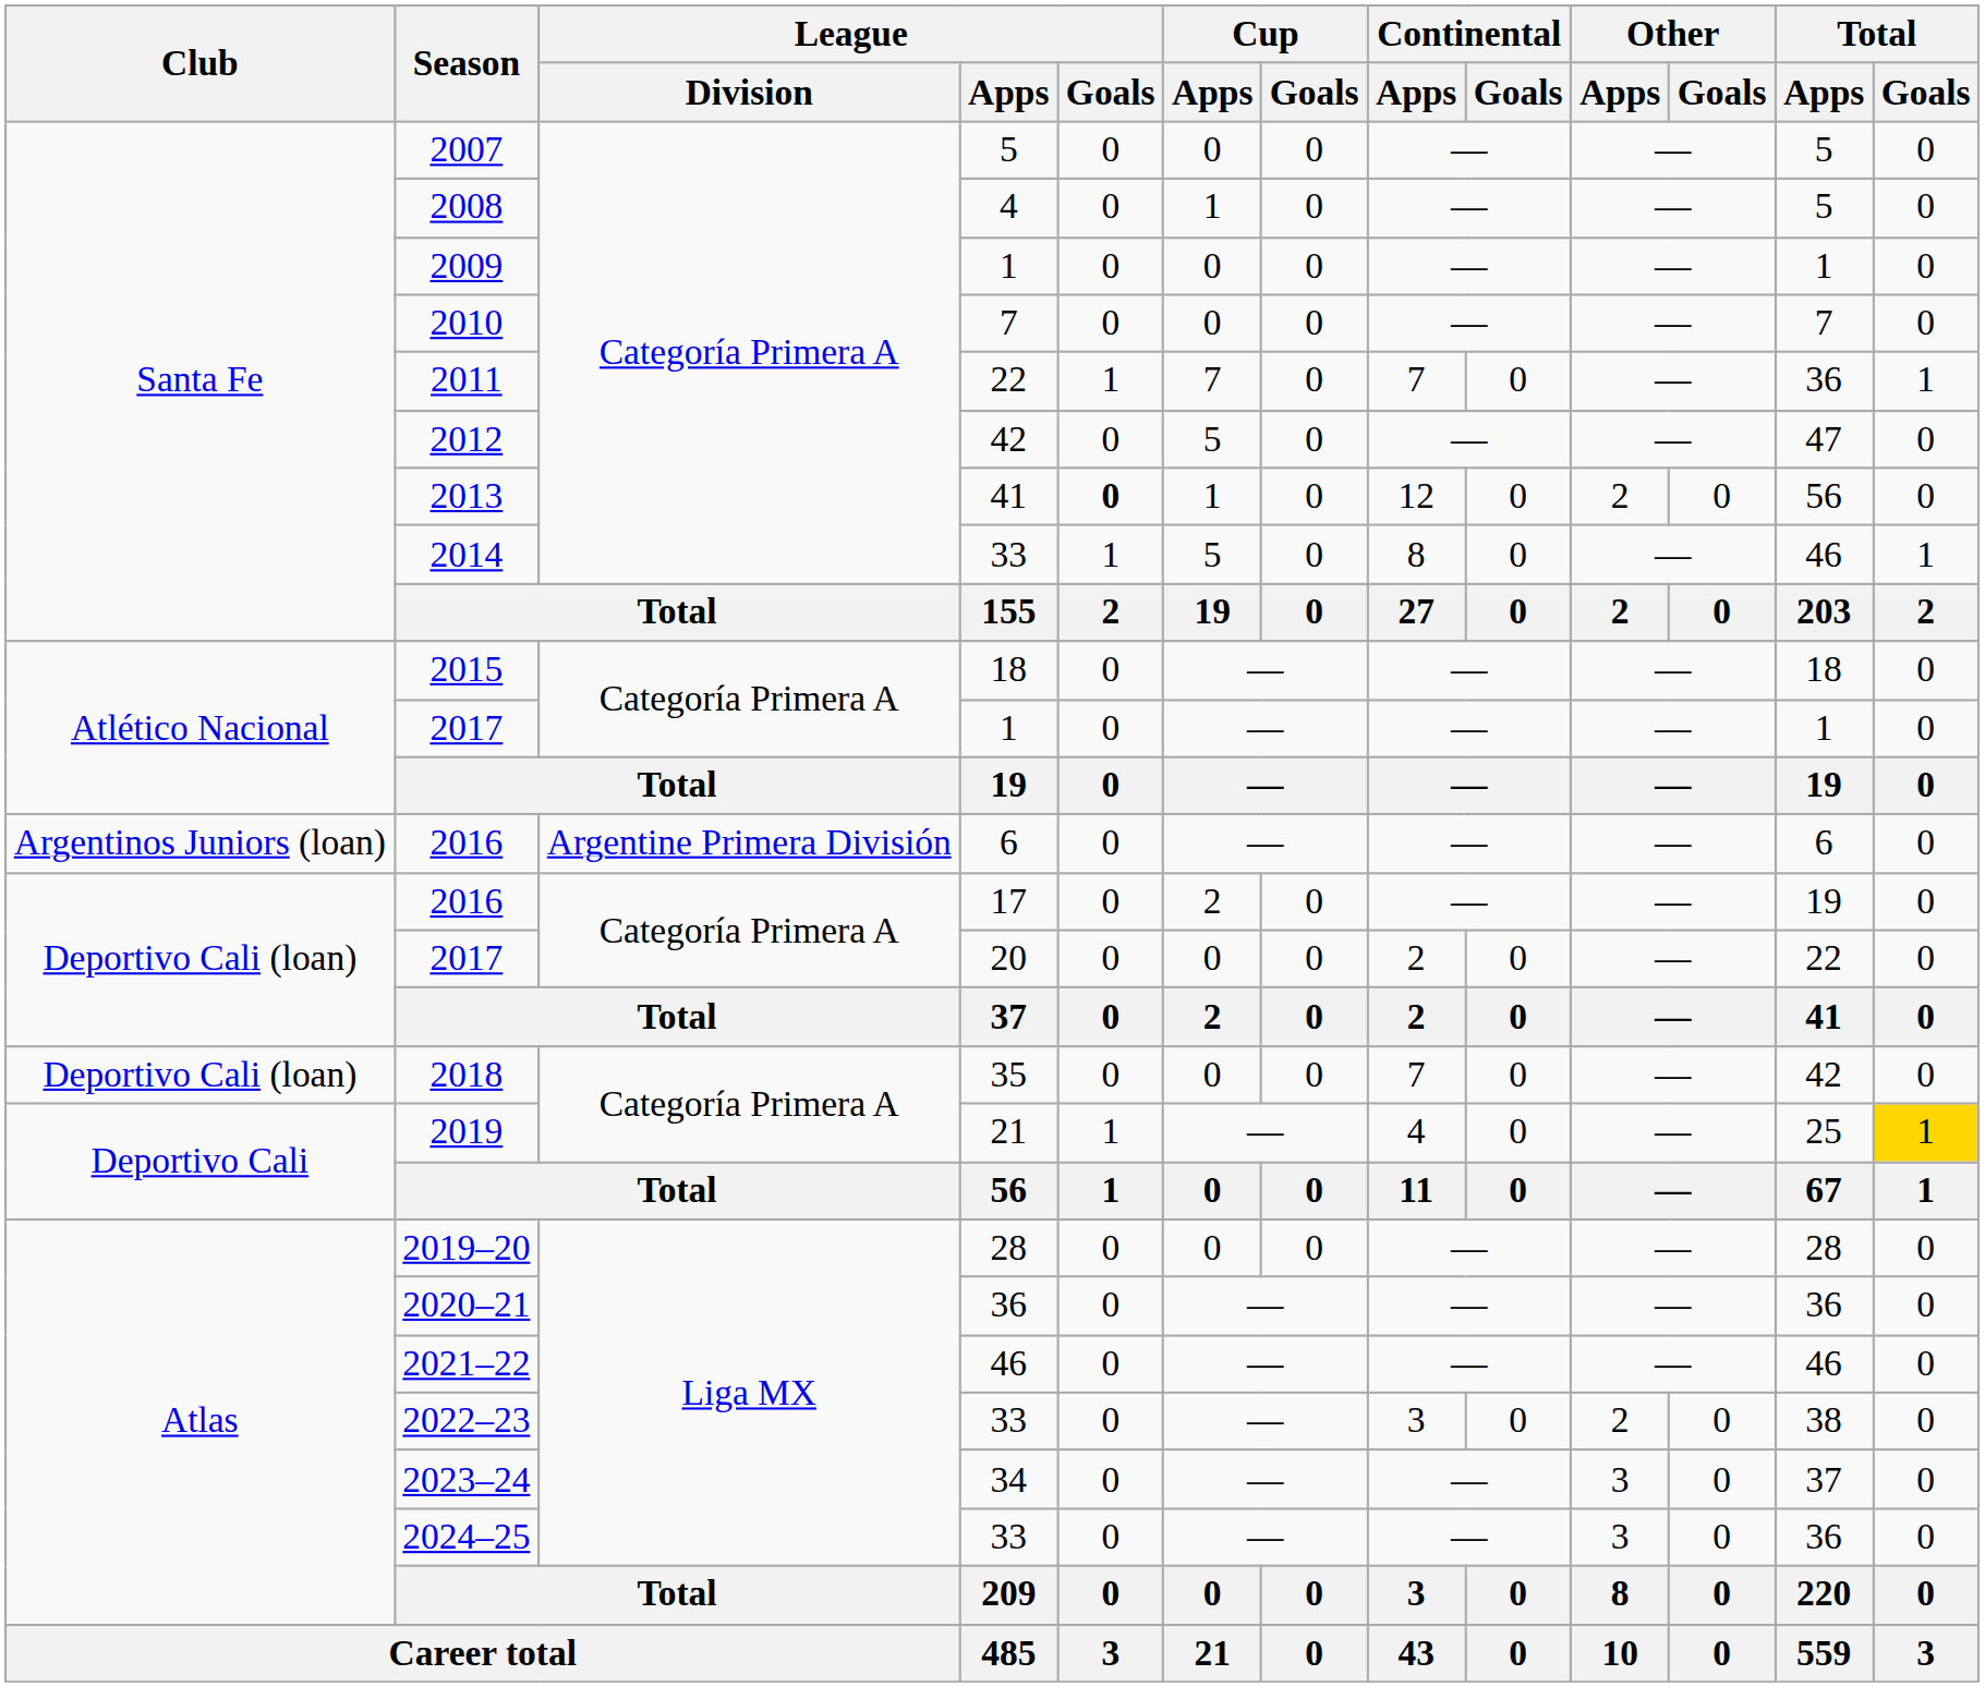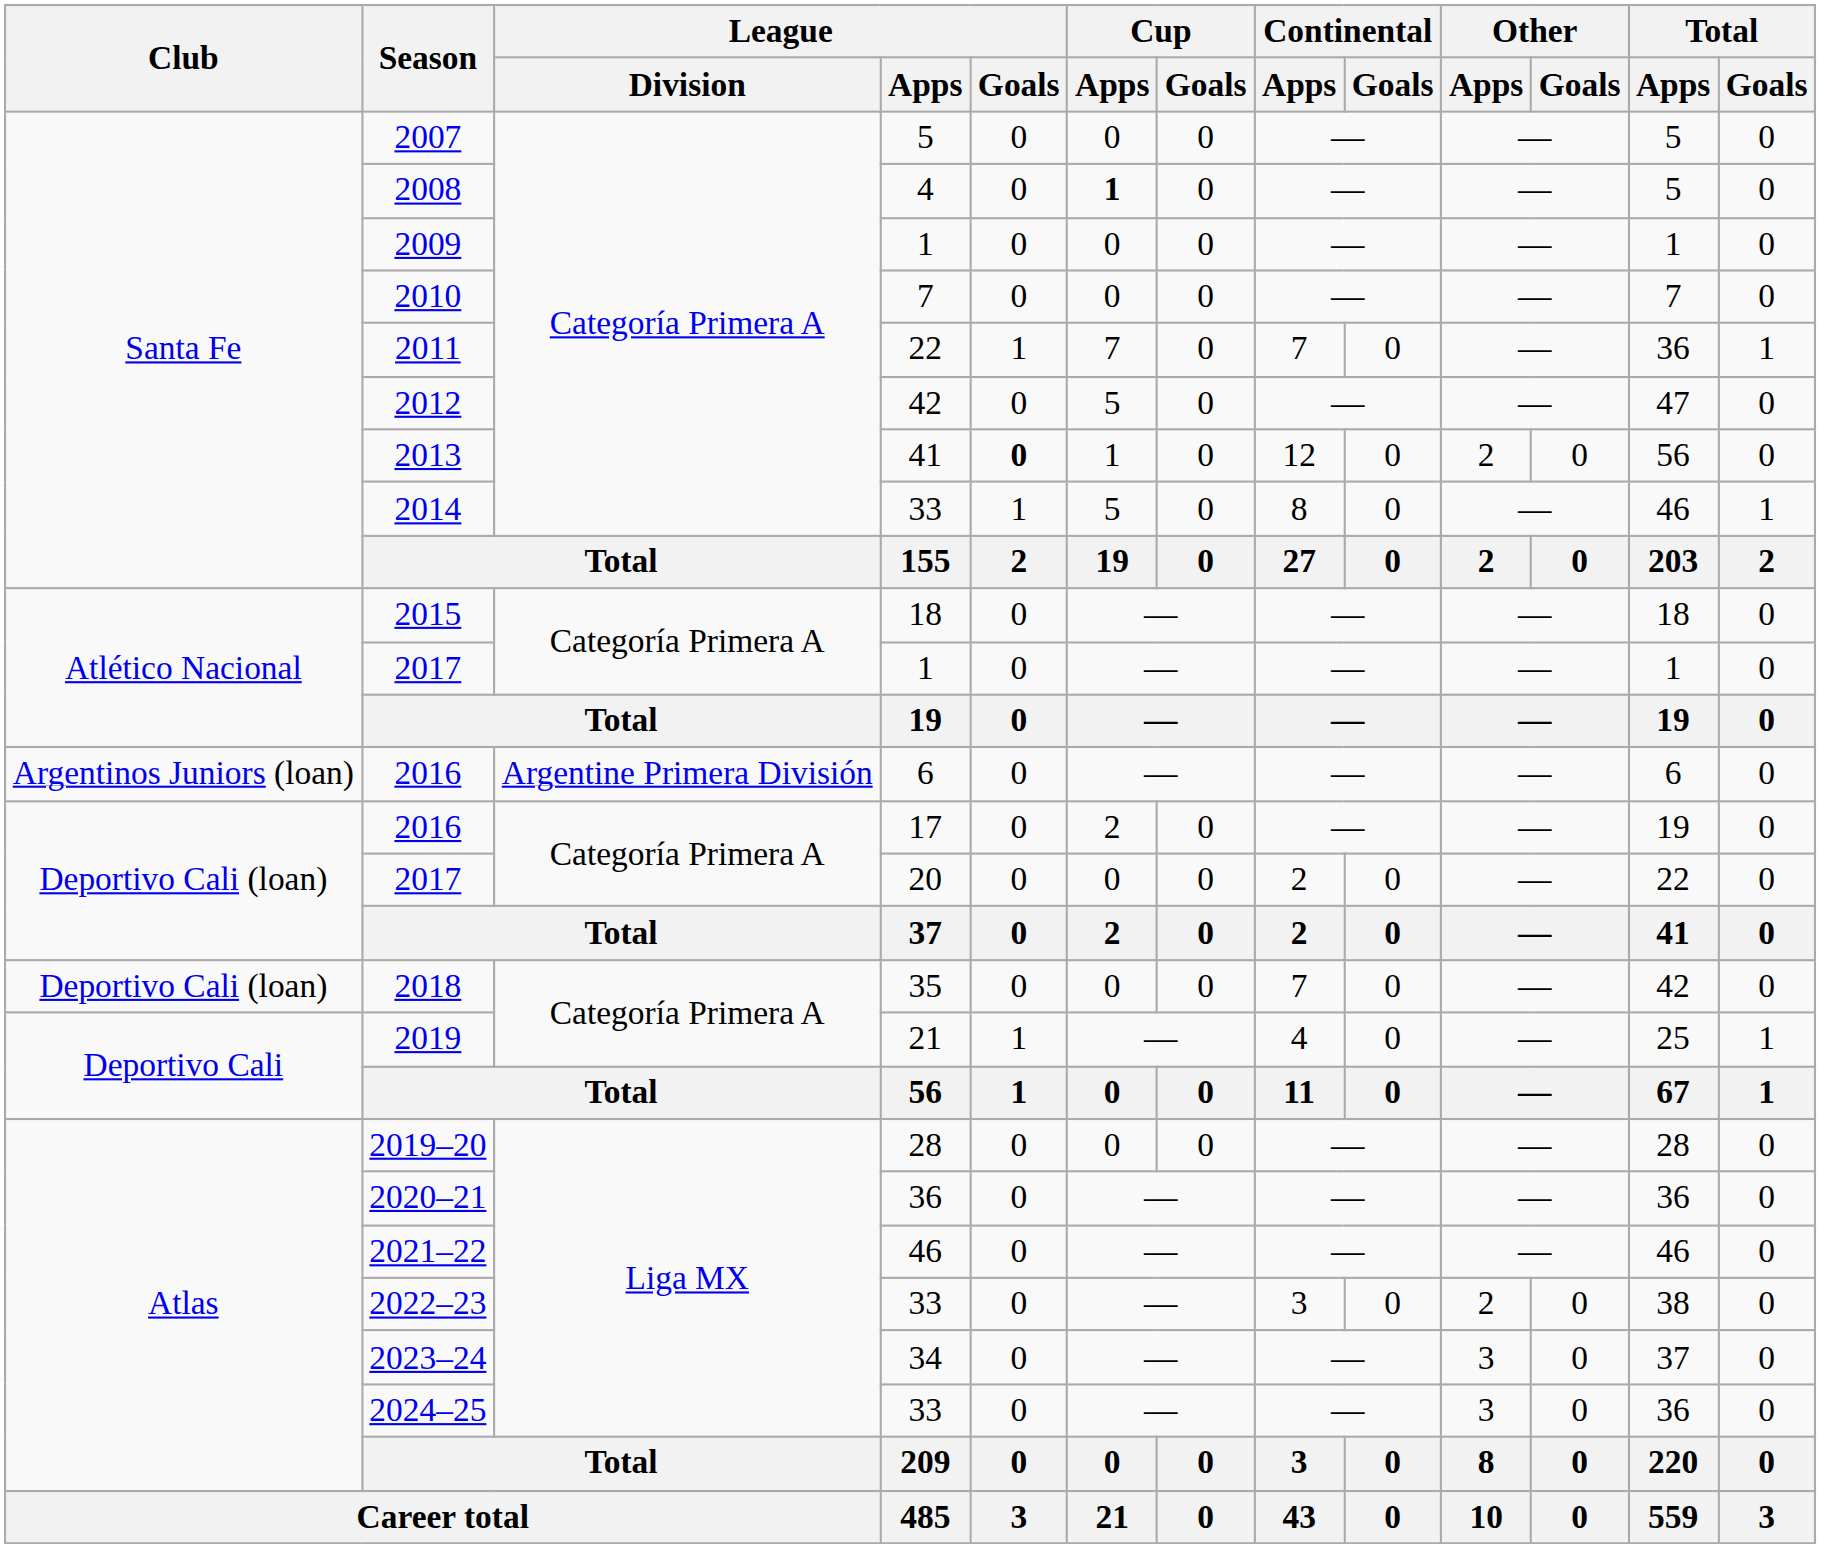 <table class="wikitable" style="text-align:center">
 <tr>
 <th rowspan="2">Club</th>
 <th rowspan="2">Season</th>
 <th colspan="3">League</th>
 <th colspan="2">Cup</th>
 <th colspan="2">Continental</th>
 <th colspan="2">Other</th>
 <th colspan="2">Total</th>
 </tr>
 <tr>
 <th>Division</th>
 <th>Apps</th>
 <th>Goals</th>
 <th>Apps</th>
 <th>Goals</th>
 <th>Apps</th>
 <th>Goals</th>
 <th>Apps</th>
 <th>Goals</th>
 <th>Apps</th>
 <th>Goals</th>
 </tr>
 <tr>
 <td rowspan="9"><a href='#'>Santa Fe</a></td>
 <td><a href='#'>2007</a></td>
 <td rowspan="8"><a href='#'>Categoría Primera A</a></td>
 <td>5</td>
 <td>0</td>
 <td>0</td>
 <td>0</td>
 <td colspan=2>—</td>
 <td colspan=2>—</td>
 <td>5</td>
 <td>0</td>
 </tr>
 <tr>
 <td><a href='#'>2008</a></td>
 <td>4</td>
 <td>0</td>
-<td>1</td>
+<td><strong>1</strong></td>
 <td>0</td>
 <td colspan=2>—</td>
 <td colspan=2>—</td>
 <td>5</td>
 <td>0</td>
 </tr>
 <tr>
 <td><a href='#'>2009</a></td>
 <td>1</td>
 <td>0</td>
 <td>0</td>
 <td>0</td>
 <td colspan=2>—</td>
 <td colspan=2>—</td>
 <td>1</td>
 <td>0</td>
 </tr>
 <tr>
 <td><a href='#'>2010</a></td>
 <td>7</td>
 <td>0</td>
 <td>0</td>
 <td>0</td>
 <td colspan=2>—</td>
 <td colspan=2>—</td>
 <td>7</td>
 <td>0</td>
 </tr>
 <tr>
 <td><a href='#'>2011</a></td>
 <td>22</td>
 <td>1</td>
 <td>7</td>
 <td>0</td>
 <td>7</td>
 <td>0</td>
 <td colspan=2>—</td>
 <td>36</td>
 <td>1</td>
 </tr>
 <tr>
 <td><a href='#'>2012</a></td>
 <td>42</td>
 <td>0</td>
 <td>5</td>
 <td>0</td>
 <td colspan=2>—</td>
 <td colspan=2>—</td>
 <td>47</td>
 <td>0</td>
 </tr>
 <tr>
 <td><a href='#'>2013</a></td>
 <td>41</td>
 <td><strong>0</strong></td>
 <td>1</td>
 <td>0</td>
 <td>12</td>
 <td>0</td>
 <td>2</td>
 <td>0</td>
 <td>56</td>
 <td>0</td>
 </tr>
 <tr>
 <td><a href='#'>2014</a></td>
 <td>33</td>
 <td>1</td>
 <td>5</td>
 <td>0</td>
 <td>8</td>
 <td>0</td>
 <td colspan=2>—</td>
 <td>46</td>
 <td>1</td>
 </tr>
 <tr>
 <th colspan="2">Total</th>
 <th>155</th>
 <th>2</th>
 <th>19</th>
 <th>0</th>
 <th>27</th>
 <th>0</th>
 <th>2</th>
 <th>0</th>
 <th>203</th>
 <th>2</th>
 </tr>
 <tr>
 <td rowspan="3"><a href='#'>Atlético Nacional</a></td>
 <td><a href='#'>2015</a></td>
 <td rowspan="2">Categoría Primera A</td>
 <td>18</td>
 <td>0</td>
 <td colspan=2>—</td>
 <td colspan=2>—</td>
 <td colspan=2>—</td>
 <td>18</td>
 <td>0</td>
 </tr>
 <tr>
 <td><a href='#'>2017</a></td>
 <td>1</td>
 <td>0</td>
 <td colspan=2>—</td>
 <td colspan=2>—</td>
 <td colspan=2>—</td>
 <td>1</td>
 <td>0</td>
 </tr>
 <tr>
 <th colspan="2">Total</th>
 <th>19</th>
 <th>0</th>
 <th colspan=2>—</th>
 <th colspan=2>—</th>
 <th colspan=2>—</th>
 <th>19</th>
 <th>0</th>
 </tr>
 <tr>
 <td><a href='#'>Argentinos Juniors</a> (loan)</td>
 <td><a href='#'>2016</a></td>
 <td><a href='#'>Argentine Primera División</a></td>
 <td>6</td>
 <td>0</td>
 <td colspan=2>—</td>
 <td colspan=2>—</td>
 <td colspan=2>—</td>
 <td>6</td>
 <td>0</td>
 </tr>
 <tr>
 <td rowspan="3"><a href='#'>Deportivo Cali</a> (loan)</td>
 <td><a href='#'>2016</a></td>
 <td rowspan="2">Categoría Primera A</td>
 <td>17</td>
 <td>0</td>
 <td>2</td>
 <td>0</td>
 <td colspan=2>—</td>
 <td colspan=2>—</td>
 <td>19</td>
 <td>0</td>
 </tr>
 <tr>
 <td><a href='#'>2017</a></td>
 <td>20</td>
 <td>0</td>
 <td>0</td>
 <td>0</td>
 <td>2</td>
 <td>0</td>
 <td colspan=2>—</td>
 <td>22</td>
 <td>0</td>
 </tr>
 <tr>
 <th colspan="2">Total</th>
 <th>37</th>
 <th>0</th>
 <th>2</th>
 <th>0</th>
 <th>2</th>
 <th>0</th>
 <th colspan=2>—</th>
 <th>41</th>
 <th>0</th>
 </tr>
 <tr>
 <td><a href='#'>Deportivo Cali</a> (loan)</td>
 <td><a href='#'>2018</a></td>
 <td rowspan="2">Categoría Primera A</td>
 <td>35</td>
 <td>0</td>
 <td>0</td>
 <td>0</td>
 <td>7</td>
 <td>0</td>
 <td colspan=2>—</td>
 <td>42</td>
 <td>0</td>
 </tr>
 <tr>
 <td rowspan="2"><a href='#'>Deportivo Cali</a></td>
 <td><a href='#'>2019</a></td>
 <td>21</td>
 <td>1</td>
 <td colspan=2>—</td>
 <td>4</td>
 <td>0</td>
 <td colspan=2>—</td>
 <td>25</td>
-<td style="background: gold;">1</td>
+<td>1</td>
 </tr>
 <tr>
 <th colspan="2">Total</th>
 <th>56</th>
 <th>1</th>
 <th>0</th>
 <th>0</th>
 <th>11</th>
 <th>0</th>
 <th colspan=2>—</th>
 <th>67</th>
 <th>1</th>
 </tr>
 <tr>
 <td rowspan="7"><a href='#'>Atlas</a></td>
 <td><a href='#'>2019–20</a></td>
 <td rowspan="6"><a href='#'>Liga MX</a></td>
 <td>28</td>
 <td>0</td>
 <td>0</td>
 <td>0</td>
 <td colspan=2>—</td>
 <td colspan=2>—</td>
 <td>28</td>
 <td>0</td>
 </tr>
 <tr>
 <td><a href='#'>2020–21</a></td>
 <td>36</td>
 <td>0</td>
 <td colspan=2>—</td>
 <td colspan=2>—</td>
 <td colspan=2>—</td>
 <td>36</td>
 <td>0</td>
 </tr>
 <tr>
 <td><a href='#'>2021–22</a></td>
 <td>46</td>
 <td>0</td>
 <td colspan=2>—</td>
 <td colspan=2>—</td>
 <td colspan=2>—</td>
 <td>46</td>
 <td>0</td>
 </tr>
 <tr>
 <td><a href='#'>2022–23</a></td>
 <td>33</td>
 <td>0</td>
 <td colspan=2>—</td>
 <td>3</td>
 <td>0</td>
 <td>2</td>
 <td>0</td>
 <td>38</td>
 <td>0</td>
 </tr>
 <tr>
 <td><a href='#'>2023–24</a></td>
 <td>34</td>
 <td>0</td>
 <td colspan=2>—</td>
 <td colspan=2>—</td>
 <td>3</td>
 <td>0</td>
 <td>37</td>
 <td>0</td>
 </tr>
 <tr>
 <td><a href='#'>2024–25</a></td>
 <td>33</td>
 <td>0</td>
 <td colspan=2>—</td>
 <td colspan=2>—</td>
 <td>3</td>
 <td>0</td>
 <td>36</td>
 <td>0</td>
 </tr>
 <tr>
 <th colspan="2">Total</th>
 <th>209</th>
 <th>0</th>
 <th>0</th>
 <th>0</th>
 <th>3</th>
 <th>0</th>
 <th>8</th>
 <th>0</th>
 <th>220</th>
 <th>0</th>
 </tr>
 <tr>
 <th colspan="3">Career total</th>
 <th>485</th>
 <th>3</th>
 <th>21</th>
 <th>0</th>
 <th>43</th>
 <th>0</th>
 <th>10</th>
 <th>0</th>
 <th>559</th>
 <th>3</th>
 </tr>
 </table>
